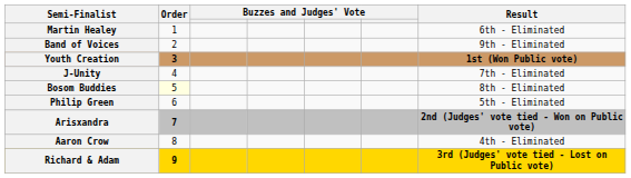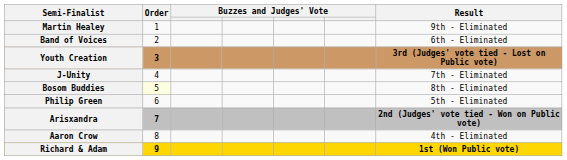 <table class="wikitable plainrowheaders sortable" style="text-align:center;">
 <tr>
 <th scope="col" rowspan="2" class="unsortable" style="width:17em;">Semi-Finalist</th>
 <th scope="col" rowspan="2" style="width:1em;">Order</th>
 <th scope="col" colspan="4" class="unsortable" style="width:24em;">Buzzes and Judges' Vote</th>
 <th scope="col" rowspan="2" style="width:23em;">Result </th>
 </tr>
 <tr>
 <th scope="col" class="unsortable" style="width:6em;"></th>
 <th scope="col" class="unsortable" style="width:6em;"></th>
 <th scope="col" class="unsortable" style="width:6em;"></th>
 <th scope="col" class="unsortable" style="width:6em;"></th>
 </tr>
 <tr>
 <th scope="row">Martin Healey</th>
 <td>1</td>
 <td style="text-align:center;"></td>
 <td style="text-align:center;"></td>
 <td style="text-align:center;"></td>
 <td style="text-align:center;"></td>
-<td>6th - Eliminated</td>
+<td>9th - Eliminated</td>
 </tr>
 <tr>
 <th scope="row">Band of Voices</th>
 <td>2</td>
 <td style="text-align:center;"></td>
 <td style="text-align:center;"></td>
 <td style="text-align:center;"></td>
 <td style="text-align:center;"></td>
-<td>9th - Eliminated</td>
+<td>6th - Eliminated</td>
 </tr>
 <tr style="background:#c96;">
 <th scope="row"><strong>Youth Creation</strong></th>
 <td><strong>3</strong></td>
 <td style="text-align:center;"></td>
 <td style="text-align:center;"></td>
 <td style="text-align:center;"></td>
 <td style="text-align:center;"></td>
-<td><strong>1st (Won Public vote)</strong></td>
+<td><strong>3rd (Judges' vote tied - Lost on Public vote)</strong></td>
 </tr>
 <tr>
 <th scope="row">J-Unity</th>
 <td>4</td>
 <td style="text-align:center;"></td>
 <td style="text-align:center;"></td>
 <td style="text-align:center;"></td>
 <td style="text-align:center;"></td>
 <td>7th - Eliminated</td>
 </tr>
 <tr>
 <th scope="row">Bosom Buddies</th>
 <td style="background: lightyellow;">5</td>
 <td style="text-align:center;"></td>
 <td style="text-align:center;"></td>
 <td style="text-align:center;"></td>
 <td style="text-align:center;"></td>
 <td>8th - Eliminated</td>
 </tr>
 <tr>
 <th scope="row">Philip Green</th>
 <td>6</td>
 <td style="text-align:center;"></td>
 <td style="text-align:center;"></td>
 <td style="text-align:center;"></td>
 <td style="text-align:center;"></td>
 <td>5th - Eliminated</td>
 </tr>
 <tr style="background:silver;">
 <th scope="row"><strong>Arisxandra</strong></th>
 <td><strong>7</strong></td>
 <td style="text-align:center;"></td>
 <td style="text-align:center;"></td>
 <td style="text-align:center;"></td>
 <td style="text-align:center;"></td>
 <td><strong>2nd (Judges' vote tied - Won on Public vote)</strong></td>
 </tr>
 <tr>
 <th scope="row">Aaron Crow</th>
 <td>8</td>
 <td style="text-align:center;"></td>
 <td style="text-align:center;"></td>
 <td style="text-align:center;"></td>
 <td style="text-align:center;"></td>
 <td>4th - Eliminated</td>
 </tr>
 <tr style="background:gold;">
 <th scope="row"><strong>Richard & Adam</strong></th>
 <td><strong>9</strong></td>
 <td style="text-align:center;"></td>
 <td style="text-align:center;"></td>
 <td style="text-align:center;"></td>
 <td style="text-align:center;"></td>
-<td><strong>3rd (Judges' vote tied - Lost on Public vote)</strong></td>
+<td><strong>1st (Won Public vote)</strong></td>
 </tr>
 </table>
